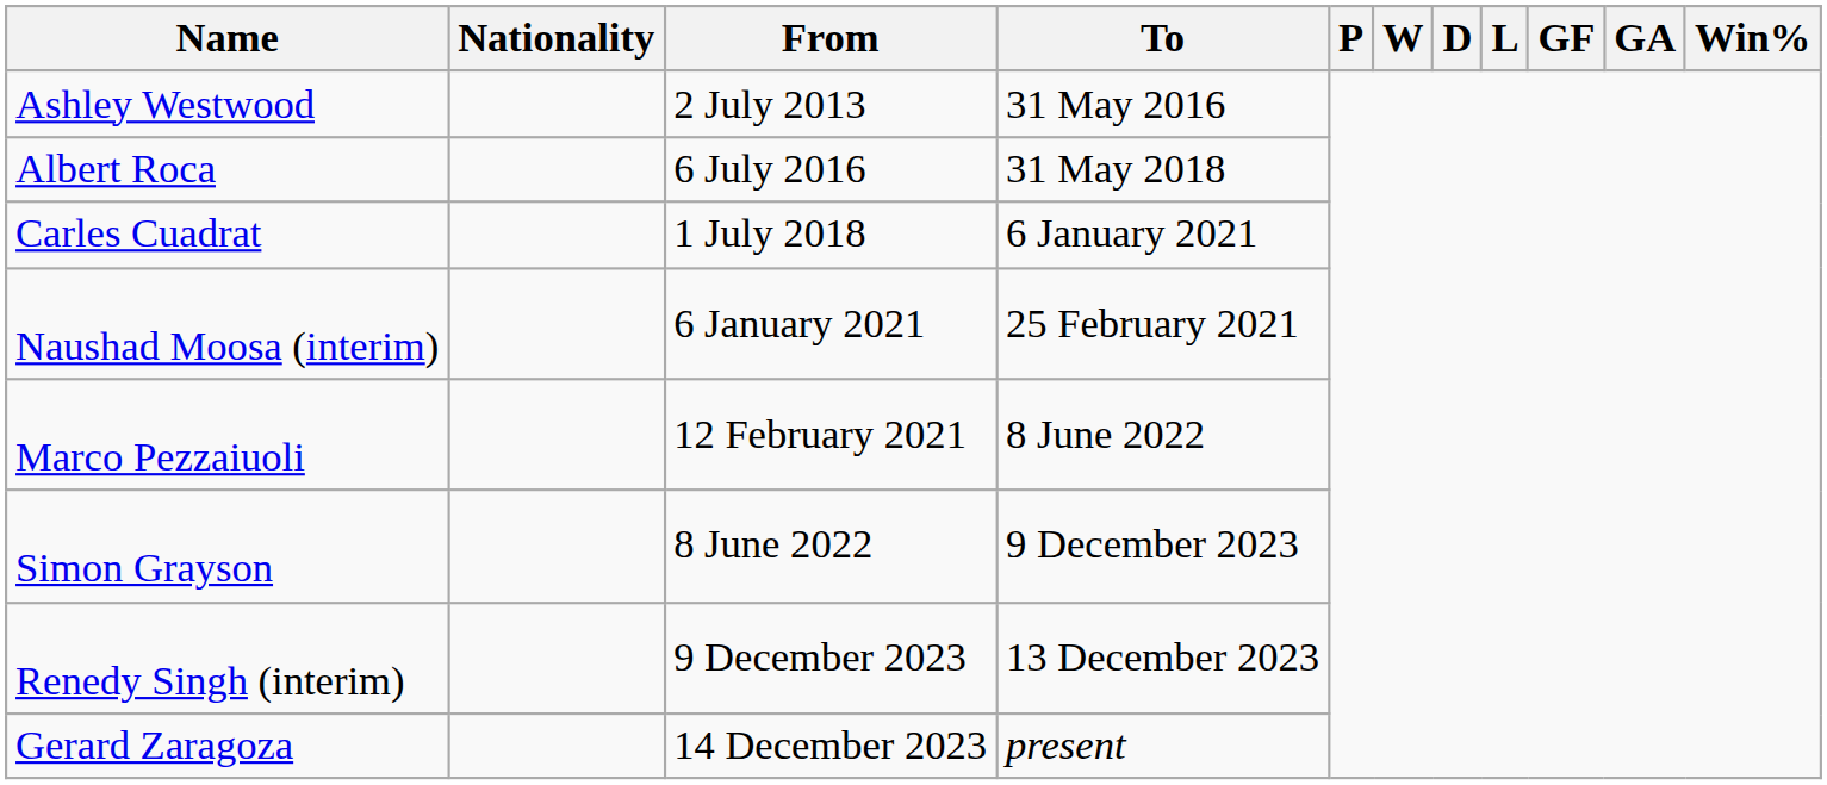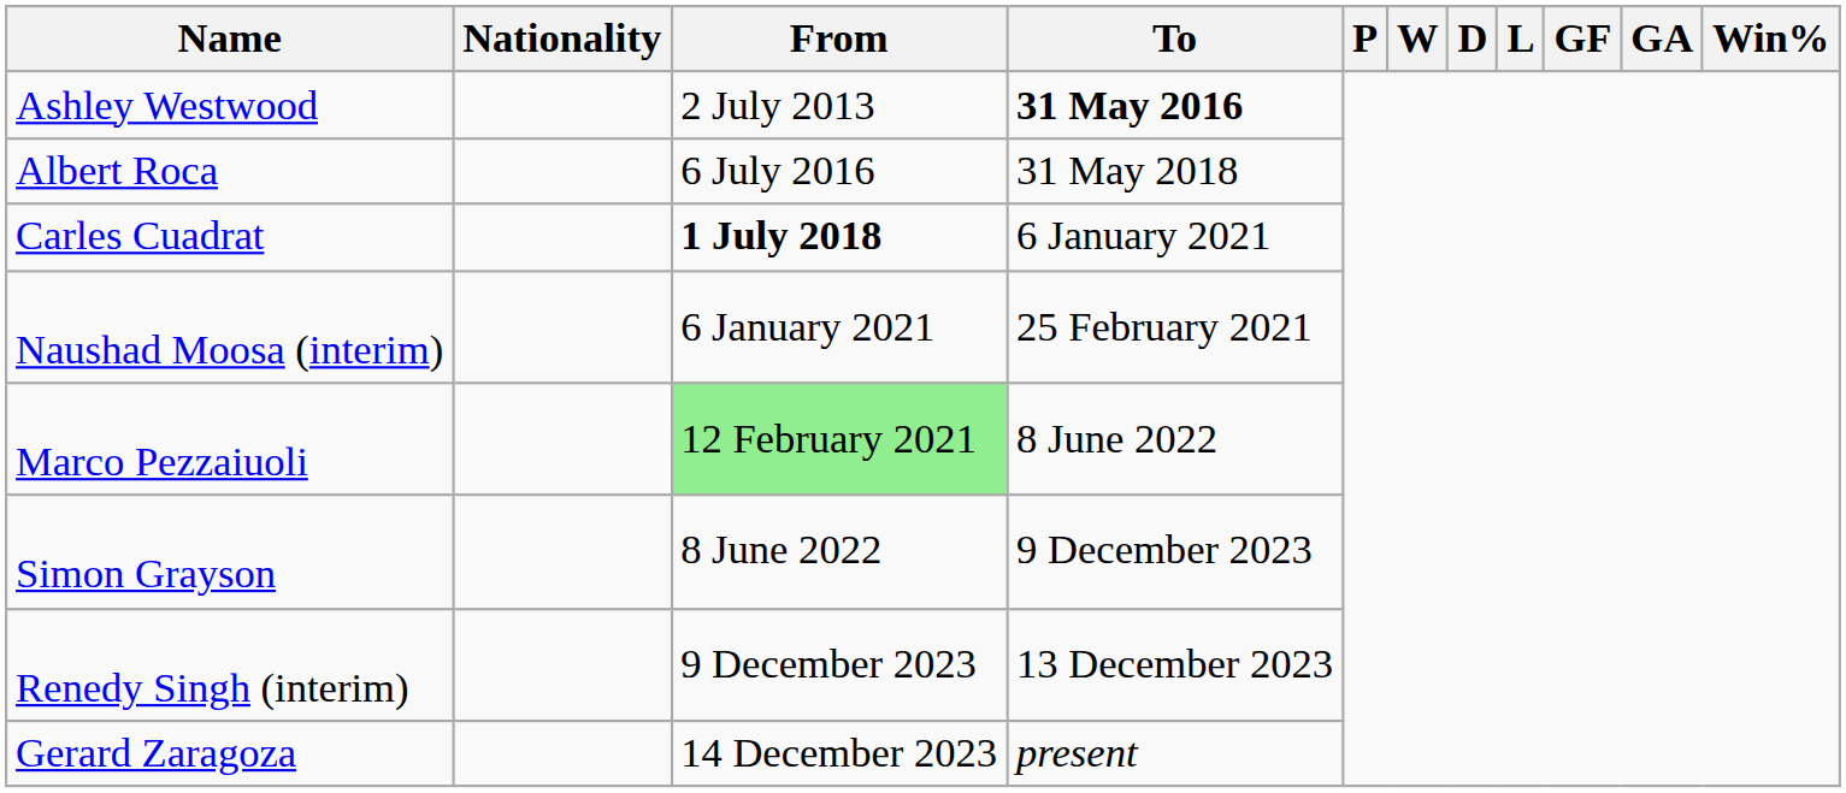 <table class="wikitable plainrowheaders sortable" style="text-align:center">
 <tr>
 <th>Name</th>
 <th>Nationality</th>
 <th>From</th>
 <th class="unsortable">To</th>
 <th>P</th>
 <th>W</th>
 <th>D</th>
 <th>L</th>
 <th>GF</th>
 <th>GA</th>
 <th>Win%</th>
 </tr>
 <tr>
 <td scope=row style=text-align:left><a href='#'>Ashley Westwood</a></td>
 <td align=left></td>
 <td align=left>2 July 2013</td>
-<td align=left>31 May 2016<br></td>
+<td align=left><strong>31 May 2016<br></strong></td>
 </tr>
 <tr>
 <td scope=row style=text-align:left><a href='#'>Albert Roca</a></td>
 <td align=left></td>
 <td align=left>6 July 2016</td>
 <td align=left>31 May 2018<br></td>
 </tr>
 <tr>
 <td scope=row style=text-align:left><a href='#'>Carles Cuadrat</a></td>
 <td align=left></td>
-<td align=left>1 July 2018</td>
+<td align=left><strong>1 July 2018</strong></td>
 <td align=left>6 January 2021<br></td>
 </tr>
 <tr>
 <td scope=row style=text-align:left><br><a href='#'>Naushad Moosa</a> (<a href='#'>interim</a>)</td>
 <td align=left></td>
 <td align=left>6 January 2021</td>
 <td align=left>25 February 2021<br></td>
 </tr>
 <tr>
 <td scope=row style=text-align:left><br><a href='#'>Marco Pezzaiuoli</a></td>
 <td align=left></td>
-<td align=left>12 February 2021</td>
+<td align=left style="background: lightgreen;">12 February 2021</td>
 <td align=left>8 June 2022<br></td>
 </tr>
 <tr>
 <td scope=row style=text-align:left><br><a href='#'>Simon Grayson</a></td>
 <td align=left></td>
 <td align=left>8 June 2022</td>
 <td align=left>9 December 2023<br></td>
 </tr>
 <tr>
 <td scope=row style=text-align:left><br><a href='#'>Renedy Singh</a> (interim)</td>
 <td align=left></td>
 <td align=left>9 December 2023</td>
 <td align=left>13 December 2023<br></td>
 </tr>
 <tr>
 <td scope=row style=text-align:left><a href='#'>Gerard Zaragoza</a></td>
 <td align=left></td>
 <td align=left>14 December 2023</td>
 <td align=left><em>present</em><br></td>
 </tr>
 </table>
